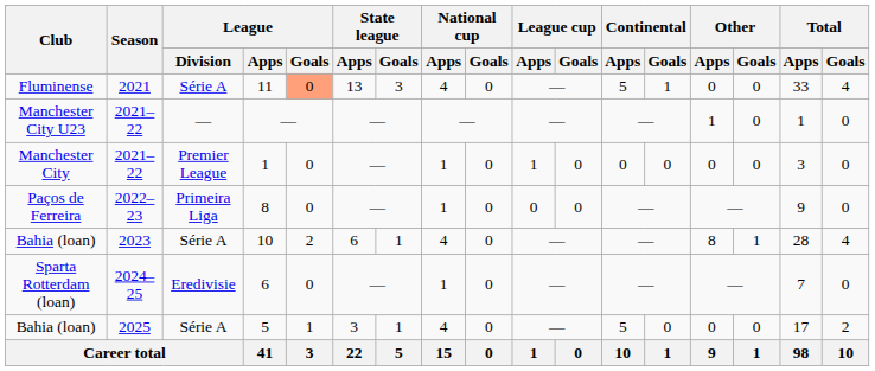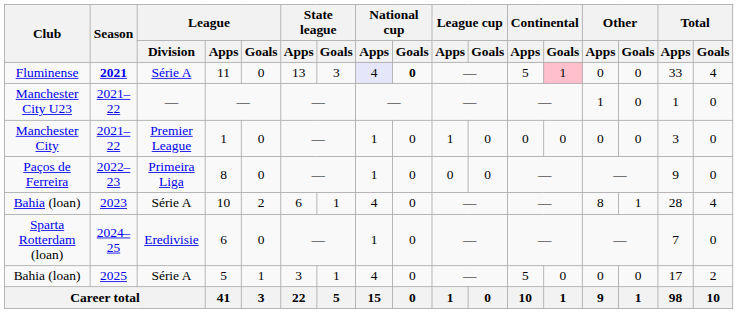 <table class="wikitable" style="text-align: center">
 <tr>
 <th rowspan="2">Club</th>
 <th rowspan="2">Season</th>
 <th colspan="3">League</th>
 <th colspan="2">State league</th>
 <th colspan="2">National cup</th>
 <th colspan="2">League cup</th>
 <th colspan="2">Continental</th>
 <th colspan="2">Other</th>
 <th colspan="2">Total</th>
 </tr>
 <tr>
 <th>Division</th>
 <th>Apps</th>
 <th>Goals</th>
 <th>Apps</th>
 <th>Goals</th>
 <th>Apps</th>
 <th>Goals</th>
 <th>Apps</th>
 <th>Goals</th>
 <th>Apps</th>
 <th>Goals</th>
 <th>Apps</th>
 <th>Goals</th>
 <th>Apps</th>
 <th>Goals</th>
 </tr>
 <tr>
 <td><a href='#'>Fluminense</a></td>
-<td><a href='#'>2021</a></td>
+<td><strong><a href='#'>2021</a></strong></td>
 <td><a href='#'>Série A</a></td>
 <td>11</td>
-<td style="background: lightsalmon;">0</td>
+<td>0</td>
 <td>13</td>
 <td>3</td>
-<td>4</td>
-<td>0</td>
+<td style="background: lavender;">4</td>
+<td><strong>0</strong></td>
 <td colspan="2">—</td>
 <td>5</td>
-<td>1</td>
+<td style="background: pink;">1</td>
 <td>0</td>
 <td>0</td>
 <td>33</td>
 <td>4</td>
 </tr>
 <tr>
 <td><a href='#'>Manchester City U23</a></td>
 <td><a href='#'>2021–22</a></td>
 <td>—</td>
 <td colspan="2">—</td>
 <td colspan="2">—</td>
 <td colspan="2">—</td>
 <td colspan="2">—</td>
 <td colspan="2">—</td>
 <td>1</td>
 <td>0</td>
 <td>1</td>
 <td>0</td>
 </tr>
 <tr>
 <td><a href='#'>Manchester City</a></td>
 <td><a href='#'>2021–22</a></td>
 <td><a href='#'>Premier League</a></td>
 <td>1</td>
 <td>0</td>
 <td colspan="2">—</td>
 <td>1</td>
 <td>0</td>
 <td>1</td>
 <td>0</td>
 <td>0</td>
 <td>0</td>
 <td>0</td>
 <td>0</td>
 <td>3</td>
 <td>0</td>
 </tr>
 <tr>
 <td><a href='#'>Paços de Ferreira</a></td>
 <td><a href='#'>2022–23</a></td>
 <td><a href='#'>Primeira Liga</a></td>
 <td>8</td>
 <td>0</td>
 <td colspan="2">—</td>
 <td>1</td>
 <td>0</td>
 <td>0</td>
 <td>0</td>
 <td colspan="2">—</td>
 <td colspan="2">—</td>
 <td>9</td>
 <td>0</td>
 </tr>
 <tr>
 <td><a href='#'>Bahia</a> (loan)</td>
 <td><a href='#'>2023</a></td>
 <td>Série A</td>
 <td>10</td>
 <td>2</td>
 <td>6</td>
 <td>1</td>
 <td>4</td>
 <td>0</td>
 <td colspan="2">—</td>
 <td colspan="2">—</td>
 <td>8</td>
 <td>1</td>
 <td>28</td>
 <td>4</td>
 </tr>
 <tr>
 <td><a href='#'>Sparta Rotterdam</a> (loan)</td>
 <td><a href='#'>2024–25</a></td>
 <td><a href='#'>Eredivisie</a></td>
 <td>6</td>
 <td>0</td>
 <td colspan="2">—</td>
 <td>1</td>
 <td>0</td>
 <td colspan="2">—</td>
 <td colspan="2">—</td>
 <td colspan="2">—</td>
 <td>7</td>
 <td>0</td>
 </tr>
 <tr>
 <td>Bahia (loan)</td>
 <td><a href='#'>2025</a></td>
 <td>Série A</td>
 <td>5</td>
 <td>1</td>
 <td>3</td>
 <td>1</td>
 <td>4</td>
 <td>0</td>
 <td colspan="2">—</td>
 <td>5</td>
 <td>0</td>
 <td>0</td>
 <td>0</td>
 <td>17</td>
 <td>2</td>
 </tr>
 <tr>
 <th colspan="3">Career total</th>
 <th>41</th>
 <th>3</th>
 <th>22</th>
 <th>5</th>
 <th>15</th>
 <th>0</th>
 <th>1</th>
 <th>0</th>
 <th>10</th>
 <th>1</th>
 <th>9</th>
 <th>1</th>
 <th>98</th>
 <th>10</th>
 </tr>
 </table>
